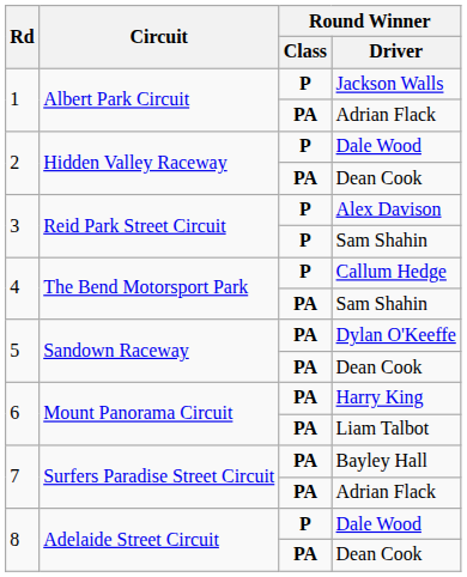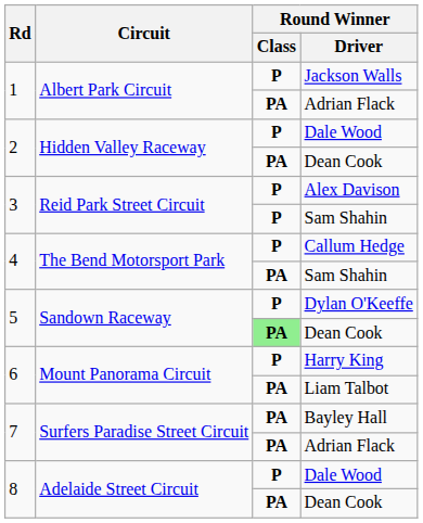 <table class="wikitable" style="font-size: 85%">
 <tr>
 <th rowspan="2">Rd</th>
 <th rowspan="2">Circuit</th>
 <th colspan="2">Round Winner</th>
 </tr>
 <tr>
 <th>Class</th>
 <th>Driver</th>
 </tr>
 <tr>
 <td rowspan="2">1</td>
 <td rowspan="2"> <a href='#'>Albert Park Circuit</a></td>
 <td align=center><strong><span>P</span></strong></td>
 <td> <a href='#'>Jackson Walls</a></td>
 </tr>
 <tr>
 <td align=center><strong><span>PA</span></strong></td>
 <td> Adrian Flack</td>
 </tr>
 <tr>
 <td rowspan="2">2</td>
 <td rowspan="2"> <a href='#'>Hidden Valley Raceway</a></td>
 <td align=center><strong><span>P</span></strong></td>
 <td> <a href='#'>Dale Wood</a></td>
 </tr>
 <tr>
 <td align=center><strong><span>PA</span></strong></td>
 <td> Dean Cook</td>
 </tr>
 <tr>
 <td rowspan="2">3</td>
 <td rowspan="2"> <a href='#'>Reid Park Street Circuit</a></td>
 <td align=center><strong><span>P</span></strong></td>
 <td> <a href='#'>Alex Davison</a></td>
 </tr>
 <tr>
 <td align=center><strong><span>P</span></strong></td>
 <td> Sam Shahin</td>
 </tr>
 <tr>
 <td rowspan="2">4</td>
 <td rowspan="2"> <a href='#'>The Bend Motorsport Park</a></td>
 <td align=center><strong><span>P</span></strong></td>
 <td> <a href='#'>Callum Hedge</a></td>
 </tr>
 <tr>
 <td align=center><strong><span>PA</span></strong></td>
 <td> Sam Shahin</td>
 </tr>
 <tr>
 <td rowspan="2">5</td>
 <td rowspan="2"> <a href='#'>Sandown Raceway</a></td>
-<td align=center><strong><span>PA</span></strong></td>
+<td align=center><strong><span>P</span></strong></td>
 <td> <a href='#'>Dylan O'Keeffe</a></td>
 </tr>
 <tr>
-<td align=center><strong><span>PA</span></strong></td>
+<td align=center style="background: lightgreen;"><strong><span>PA</span></strong></td>
 <td> Dean Cook</td>
 </tr>
 <tr>
 <td rowspan="2">6</td>
 <td rowspan="2"> <a href='#'>Mount Panorama Circuit</a></td>
-<td align=center><strong><span>PA</span></strong></td>
+<td align=center><strong><span>P</span></strong></td>
 <td> <a href='#'>Harry King</a></td>
 </tr>
 <tr>
 <td align=center><strong><span>PA</span></strong></td>
 <td> Liam Talbot</td>
 </tr>
 <tr>
 <td rowspan="2">7</td>
 <td rowspan="2"> <a href='#'>Surfers Paradise Street Circuit</a></td>
 <td align=center><strong><span>PA</span></strong></td>
 <td> Bayley Hall</td>
 </tr>
 <tr>
 <td align=center><strong><span>PA</span></strong></td>
 <td> Adrian Flack</td>
 </tr>
 <tr>
 <td rowspan="2">8</td>
 <td rowspan="2"> <a href='#'>Adelaide Street Circuit</a></td>
 <td align=center><strong><span>P</span></strong></td>
 <td> <a href='#'>Dale Wood</a></td>
 </tr>
 <tr>
 <td align=center><strong><span>PA</span></strong></td>
 <td> Dean Cook</td>
 </tr>
 </table>
